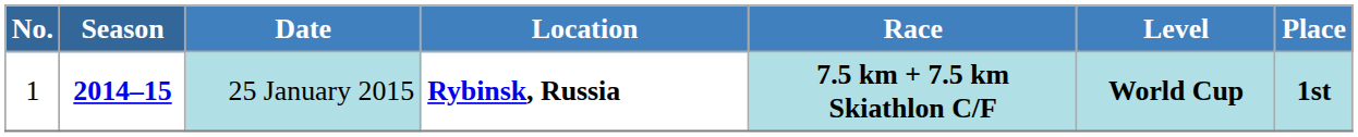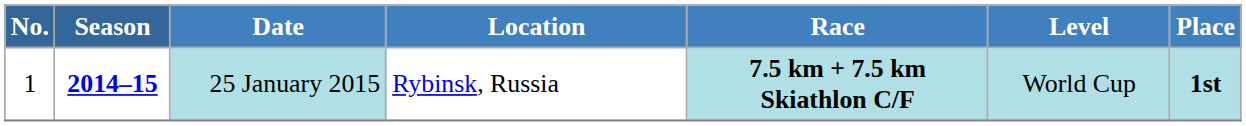 <table class="wikitable sortable" style="font-size:95%; text-align:center; border:grey solid 1px; border-collapse:collapse; background:#ffffff;">
 <tr style="background:#efefef;">
 <th style="background-color:#369; color:white;">No.</th>
 <th style="background-color:#369; color:white;">Season</th>
 <th style="background-color:#4180be; color:white; width:120px;">Date</th>
 <th style="background-color:#4180be; color:white; width:170px;">Location</th>
 <th style="background-color:#4180be; color:white; width:170px;">Race</th>
 <th style="background-color:#4180be; color:white; width:100px;">Level</th>
 <th style="background-color:#4180be; color:white;">Place</th>
 </tr>
 <tr>
 <td align=center>1</td>
 <td rowspan=1 align=center><strong> <a href='#'>2014–15</a> </strong></td>
 <td bgcolor="#BOEOE6" align=right>25 January 2015</td>
-<td align=left><strong> <a href='#'>Rybinsk</a>, Russia</strong></td>
+<td align=left> <a href='#'>Rybinsk</a>, Russia</td>
 <td bgcolor="#BOEOE6"><strong>7.5 km + 7.5 km Skiathlon C/F</strong></td>
-<td bgcolor="#BOEOE6"><strong>World Cup</strong></td>
+<td bgcolor="#BOEOE6">World Cup</td>
 <td bgcolor="#BOEOE6"><strong>1st</strong></td>
 </tr>
 <tr>
 </tr>
 </table>
